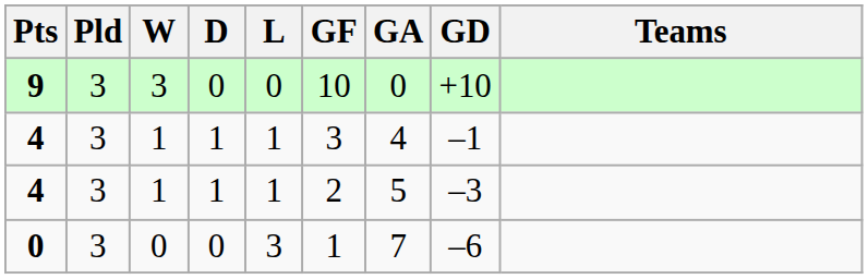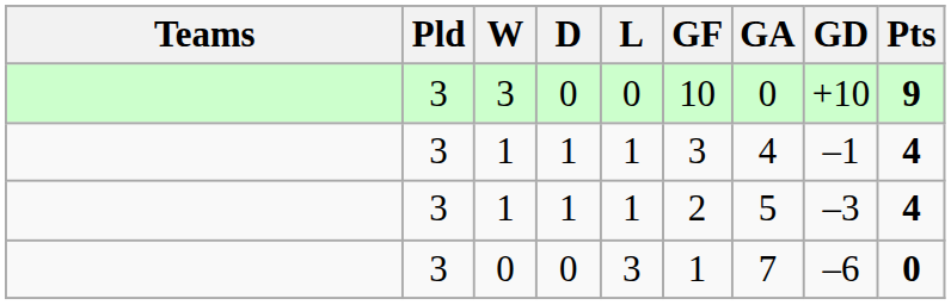 <table class="wikitable" style="text-align: center;">
 <tr>
-<th width=20>Pts</th>
+<th width=165>Teams</th>
 <th width=20>Pld</th>
 <th width=20>W</th>
 <th width=20>D</th>
 <th width=20>L</th>
 <th width=20>GF</th>
 <th width=20>GA</th>
 <th width=20>GD</th>
-<th width=165>Teams</th>
+<th width=20>Pts</th>
 </tr>
 <tr align=center style="background:#ccffcc;">
-<td><strong>9</strong></td>
+<td style="text-align:left;"></td>
 <td>3</td>
 <td>3</td>
 <td>0</td>
 <td>0</td>
 <td>10</td>
 <td>0</td>
 <td>+10</td>
-<td style="text-align:left;"></td>
+<td><strong>9</strong></td>
 </tr>
 <tr align=center>
-<td><strong>4</strong></td>
+<td style="text-align:left;"></td>
 <td>3</td>
 <td>1</td>
 <td>1</td>
 <td>1</td>
 <td>3</td>
 <td>4</td>
 <td>–1</td>
-<td style="text-align:left;"></td>
+<td><strong>4</strong></td>
 </tr>
 <tr align=center>
-<td><strong>4</strong></td>
+<td style="text-align:left;"></td>
 <td>3</td>
 <td>1</td>
 <td>1</td>
 <td>1</td>
 <td>2</td>
 <td>5</td>
 <td>–3</td>
-<td style="text-align:left;"></td>
+<td><strong>4</strong></td>
 </tr>
 <tr align=center>
-<td><strong>0</strong></td>
+<td style="text-align:left;"></td>
 <td>3</td>
 <td>0</td>
 <td>0</td>
 <td>3</td>
 <td>1</td>
 <td>7</td>
 <td>–6</td>
-<td style="text-align:left;"></td>
+<td><strong>0</strong></td>
 </tr>
 </table>
